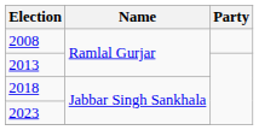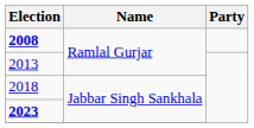 <table class="wikitable sortable">
 <tr>
 <th>Election</th>
 <th>Name</th>
 <th colspan=2>Party</th>
 </tr>
 <tr>
-<td><a href='#'>2008</a></td>
+<td><strong><a href='#'>2008</a></strong></td>
 <td rowspan=2><a href='#'>Ramlal Gurjar</a></td>
 <td></td>
 </tr>
 <tr>
 <td><a href='#'>2013</a></td>
 </tr>
 <tr>
 <td><a href='#'>2018</a></td>
 <td rowspan=2><a href='#'>Jabbar Singh Sankhala</a></td>
 </tr>
 <tr>
-<td><a href='#'>2023</a></td>
+<td><strong><a href='#'>2023</a></strong></td>
 </tr>
 <tr>
 </tr>
 </table>
